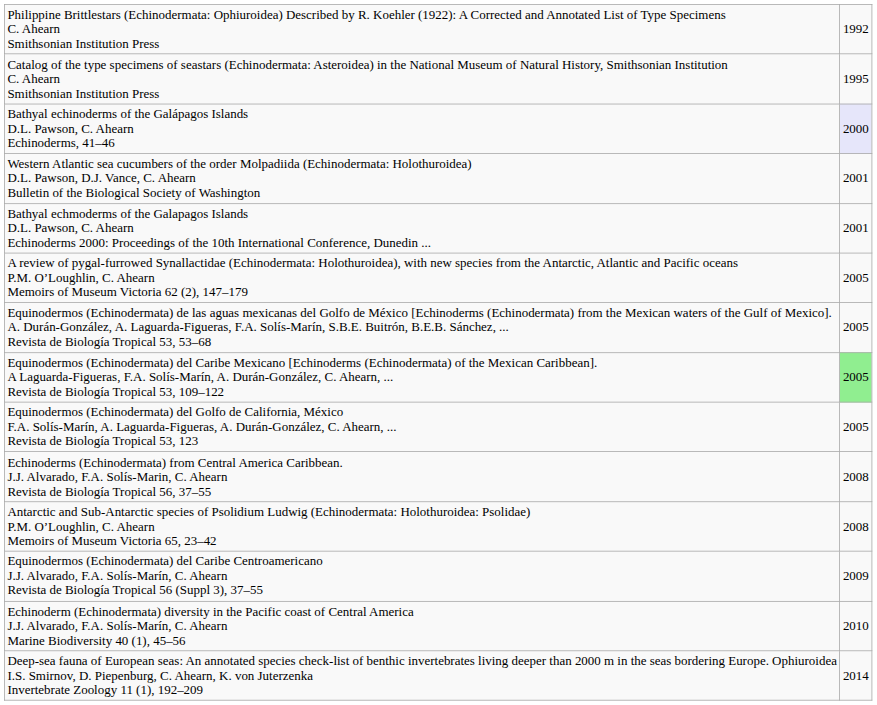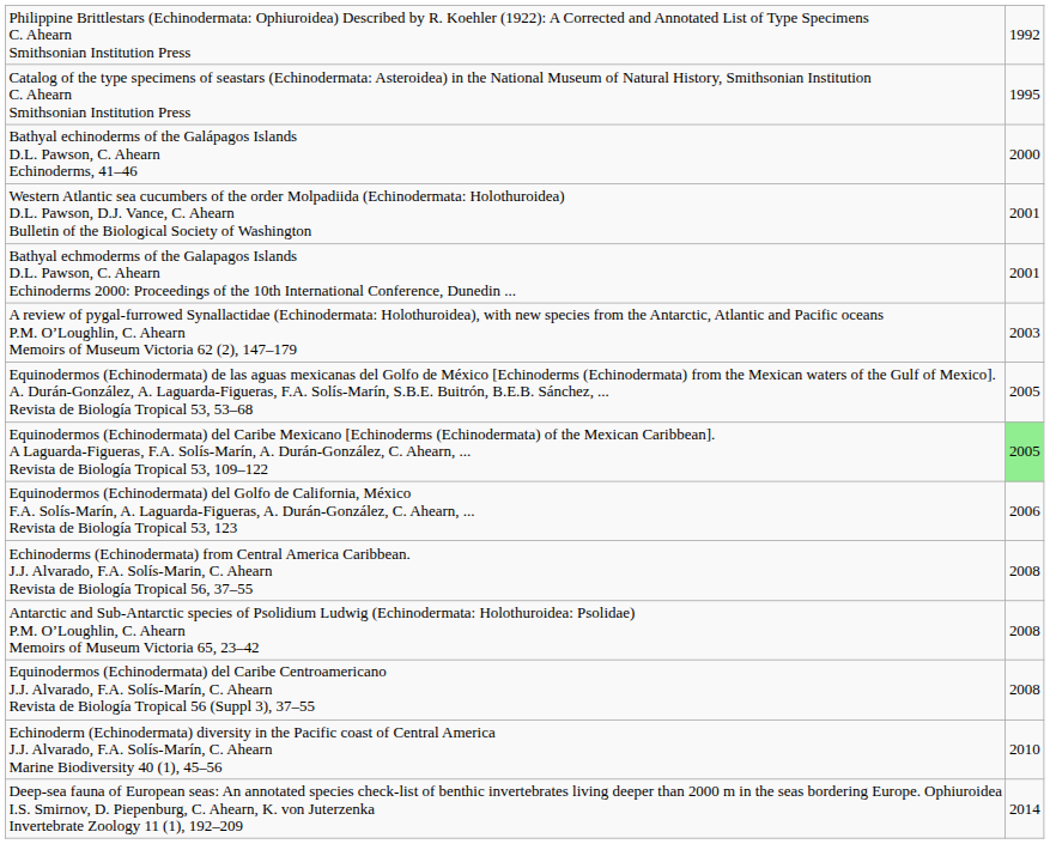 <table class="wikitable">
 <tr>
 <td>Philippine Brittlestars (Echinodermata: Ophiuroidea) Described by R. Koehler (1922): A Corrected and Annotated List of Type Specimens<br>C. Ahearn<br>Smithsonian Institution Press</td>
 <td>1992</td>
 </tr>
 <tr>
 <td>Catalog of the type specimens of seastars (Echinodermata: Asteroidea) in the National Museum of Natural History, Smithsonian Institution<br>C. Ahearn<br>Smithsonian Institution Press</td>
 <td>1995</td>
 </tr>
 <tr>
 <td>Bathyal echinoderms of the Galápagos Islands<br>D.L. Pawson, C. Ahearn<br>Echinoderms, 41–46</td>
-<td style="background: lavender;">2000</td>
+<td>2000</td>
 </tr>
 <tr>
 <td>Western Atlantic sea cucumbers of the order Molpadiida (Echinodermata: Holothuroidea)<br>D.L. Pawson, D.J. Vance, C. Ahearn<br>Bulletin of the Biological Society of Washington</td>
 <td>2001</td>
 </tr>
 <tr>
 <td>Bathyal echmoderms of the Galapagos Islands<br>D.L. Pawson, C. Ahearn<br>Echinoderms 2000: Proceedings of the 10th International Conference, Dunedin ...</td>
 <td>2001</td>
 </tr>
 <tr>
 <td>A review of pygal-furrowed Synallactidae (Echinodermata: Holothuroidea), with new species from the Antarctic, Atlantic and Pacific oceans<br>P.M. O’Loughlin, C. Ahearn<br>Memoirs of Museum Victoria 62 (2), 147–179</td>
-<td>2005</td>
+<td>2003</td>
 </tr>
 <tr>
 <td>Equinodermos (Echinodermata) de las aguas mexicanas del Golfo de México [Echinoderms (Echinodermata) from the Mexican waters of the Gulf of Mexico].<br>A. Durán-González, A. Laguarda-Figueras, F.A. Solís-Marín, S.B.E. Buitrón, B.E.B. Sánchez, ...<br>Revista de Biología Tropical 53, 53–68</td>
 <td>2005</td>
 </tr>
 <tr>
 <td>Equinodermos (Echinodermata) del Caribe Mexicano [Echinoderms (Echinodermata) of the Mexican Caribbean].<br>A Laguarda-Figueras, F.A. Solís-Marín, A. Durán-González, C. Ahearn, ...<br>Revista de Biología Tropical 53, 109–122</td>
 <td style="background: lightgreen;">2005</td>
 </tr>
 <tr>
 <td>Equinodermos (Echinodermata) del Golfo de California, México<br>F.A. Solís-Marín, A. Laguarda-Figueras, A. Durán-González, C. Ahearn, ...<br>Revista de Biología Tropical 53, 123</td>
-<td>2005</td>
+<td>2006</td>
 </tr>
 <tr>
 <td>Echinoderms (Echinodermata) from Central America Caribbean.<br>J.J. Alvarado, F.A. Solís-Marin, C. Ahearn<br>Revista de Biología Tropical 56, 37–55</td>
 <td>2008</td>
 </tr>
 <tr>
 <td>Antarctic and Sub-Antarctic species of Psolidium Ludwig (Echinodermata: Holothuroidea: Psolidae)<br>P.M. O’Loughlin, C. Ahearn<br>Memoirs of Museum Victoria 65, 23–42</td>
 <td>2008</td>
 </tr>
 <tr>
 <td>Equinodermos (Echinodermata) del Caribe Centroamericano<br>J.J. Alvarado, F.A. Solís-Marín, C. Ahearn<br>Revista de Biología Tropical 56 (Suppl 3), 37–55</td>
-<td>2009</td>
+<td>2008</td>
 </tr>
 <tr>
 <td>Echinoderm (Echinodermata) diversity in the Pacific coast of Central America<br>J.J. Alvarado, F.A. Solís-Marín, C. Ahearn<br>Marine Biodiversity 40 (1), 45–56</td>
 <td>2010</td>
 </tr>
 <tr>
 <td>Deep-sea fauna of European seas: An annotated species check-list of benthic invertebrates living deeper than 2000 m in the seas bordering Europe. Ophiuroidea<br>I.S. Smirnov, D. Piepenburg, C. Ahearn, K. von Juterzenka<br>Invertebrate Zoology 11 (1), 192–209</td>
 <td>2014</td>
 </tr>
 </table>
